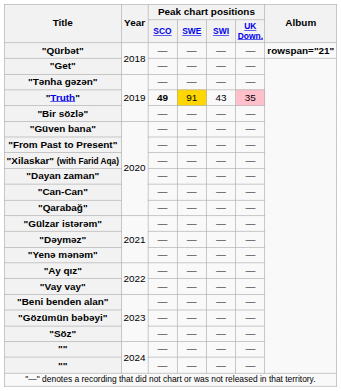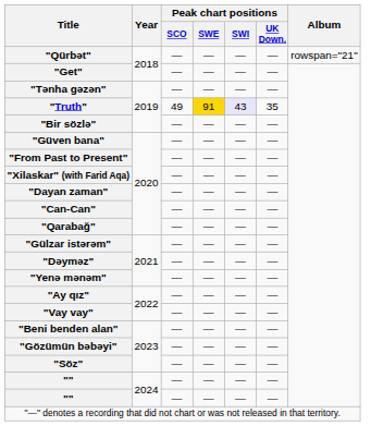 <table class="wikitable plainrowheaders" style="text-align:center;">
 <tr>
 <th scope="col" rowspan="2">Title</th>
 <th scope="col" rowspan="2">Year</th>
 <th scope="col" colspan="4">Peak chart positions</th>
 <th scope="col" rowspan="2">Album</th>
 </tr>
 <tr>
 <th scope="col" style="width:3em;font-size:85%;"><a href='#'>SCO</a><br></th>
 <th scope="col" style="width:3em;font-size:85%;"><a href='#'>SWE</a><br></th>
 <th scope="col" style="width:3em;font-size:85%;"><a href='#'>SWI</a><br></th>
 <th scope="col" style="width:3em;font-size:85%;"><a href='#'>UK<br>Down.</a><br></th>
 </tr>
 <tr>
 <th scope="row">"Qürbət"</th>
 <td rowspan="2">2018</td>
 <td>—</td>
 <td>—</td>
 <td>—</td>
 <td>—</td>
-<td><strong>rowspan="21" </strong></td>
+<td>rowspan="21" </td>
 </tr>
 <tr>
 <th scope="row">"Get"</th>
 <td>—</td>
 <td>—</td>
 <td>—</td>
 <td>—</td>
 </tr>
 <tr>
 <th scope="row">"Tənha gəzən"</th>
 <td rowspan="3">2019</td>
 <td>—</td>
 <td>—</td>
 <td>—</td>
 <td>—</td>
 </tr>
 <tr>
 <th scope="row">"<a href='#'>Truth</a>"</th>
-<td><strong>49</strong></td>
+<td>49</td>
 <td style="background: gold;">91</td>
-<td>43</td>
-<td style="background: pink;">35</td>
+<td style="background: lavender;">43</td>
+<td>35</td>
 </tr>
 <tr>
 <th scope="row">"Bir sözlə"</th>
 <td>—</td>
 <td>—</td>
 <td>—</td>
 <td>—</td>
 </tr>
 <tr>
 <th scope="row">"Güven bana"</th>
 <td rowspan="6">2020</td>
 <td>—</td>
 <td>—</td>
 <td>—</td>
 <td>—</td>
 </tr>
 <tr>
 <th scope="row">"From Past to Present"</th>
 <td>—</td>
 <td>—</td>
 <td>—</td>
 <td>—</td>
 </tr>
 <tr>
 <th scope="row">"Xilaskar" <small>(with Farid Aqa)</small></th>
 <td>—</td>
 <td>—</td>
 <td>—</td>
 <td>—</td>
 </tr>
 <tr>
 <th scope="row">"Dayan zaman"</th>
 <td>—</td>
 <td>—</td>
 <td>—</td>
 <td>—</td>
 </tr>
 <tr>
 <th scope="row">"Can-Can"</th>
 <td>—</td>
 <td>—</td>
 <td>—</td>
 <td>—</td>
 </tr>
 <tr>
 <th scope="row">"Qarabağ"</th>
 <td>—</td>
 <td>—</td>
 <td>—</td>
 <td>—</td>
 </tr>
 <tr>
 <th scope="row">"Gülzar istərəm"</th>
 <td rowspan="3">2021</td>
 <td>—</td>
 <td>—</td>
 <td>—</td>
 <td>—</td>
 </tr>
 <tr>
 <th scope="row">"Dəyməz"</th>
 <td>—</td>
 <td>—</td>
 <td>—</td>
 <td>—</td>
 </tr>
 <tr>
 <th scope="row">"Yenə mənəm"</th>
 <td>—</td>
 <td>—</td>
 <td>—</td>
 <td>—</td>
 </tr>
 <tr>
 <th scope="row">"Ay qız"</th>
 <td rowspan="2">2022</td>
 <td>—</td>
 <td>—</td>
 <td>—</td>
 <td>—</td>
 </tr>
 <tr>
 <th scope="row">"Vay vay"</th>
 <td>—</td>
 <td>—</td>
 <td>—</td>
 <td>—</td>
 </tr>
 <tr>
 <th scope="row">"Beni benden alan"</th>
 <td rowspan="3">2023</td>
 <td>—</td>
 <td>—</td>
 <td>—</td>
 <td>—</td>
 </tr>
 <tr>
 <th scope="row">"Gözümün bəbəyi"</th>
 <td>—</td>
 <td>—</td>
 <td>—</td>
 <td>—</td>
 </tr>
 <tr>
 <th scope="row">"Söz"</th>
 <td>—</td>
 <td>—</td>
 <td>—</td>
 <td>—</td>
 </tr>
 <tr>
 <th scope="row">""</th>
 <td rowspan="2">2024</td>
 <td>—</td>
 <td>—</td>
 <td>—</td>
 <td>—</td>
 </tr>
 <tr>
 <th scope="row">""</th>
 <td>—</td>
 <td>—</td>
 <td>—</td>
 <td>—</td>
 </tr>
 <tr>
 <td colspan="7" style="font-size:85%">"—" denotes a recording that did not chart or was not released in that territory.</td>
 </tr>
 </table>
